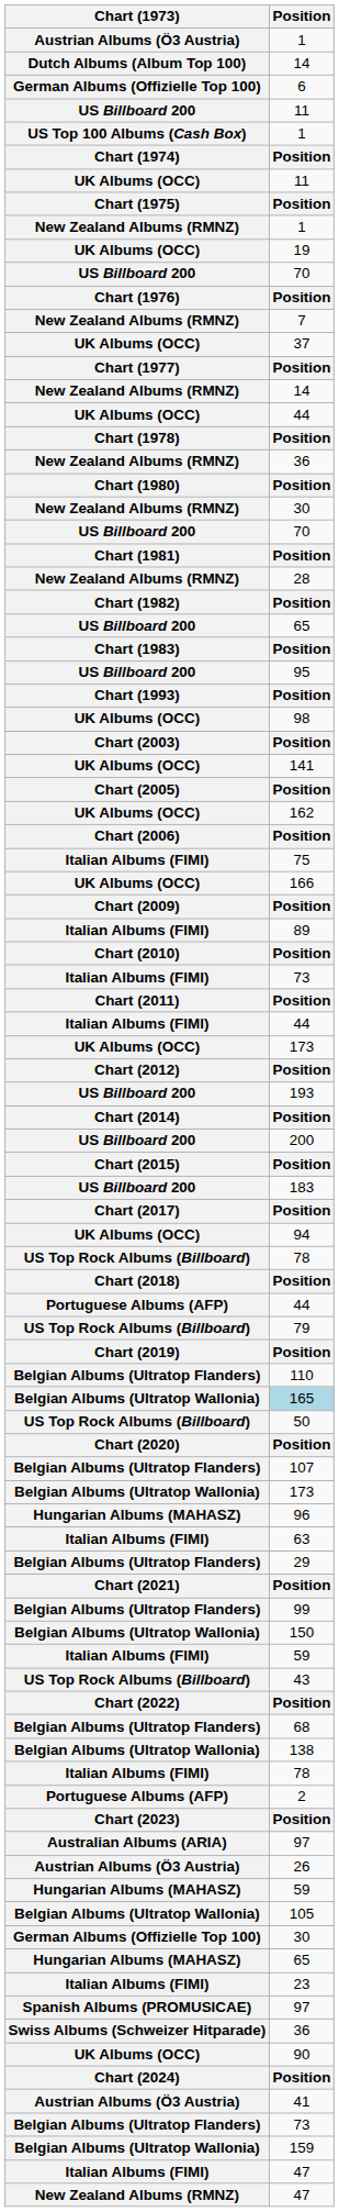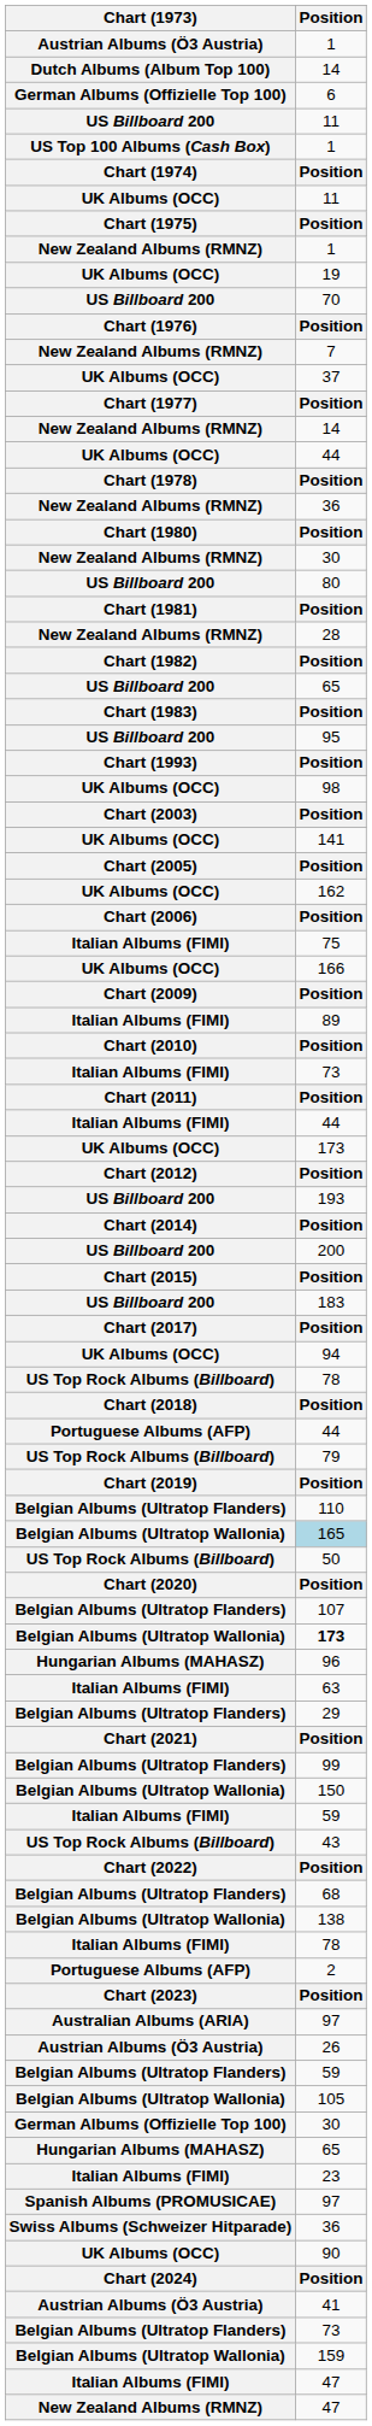 <table class="wikitable sortable plainrowheaders" style="text-align:center">
 <tr>
 <th>Chart (1973)</th>
 <th>Position</th>
 </tr>
 <tr>
 <th scope="row">Austrian Albums (Ö3 Austria)</th>
 <td style="text-align:center;">1</td>
 </tr>
 <tr>
 <th scope="row">Dutch Albums (Album Top 100)</th>
 <td style="text-align:center;">14</td>
 </tr>
 <tr>
 <th scope="row">German Albums (Offizielle Top 100)</th>
 <td style="text-align:center;">6</td>
 </tr>
 <tr>
 <th scope="row">US <em>Billboard</em> 200</th>
 <td style="text-align:center;">11</td>
 </tr>
 <tr>
 <th scope="row">US Top 100 Albums (<em>Cash Box</em>)</th>
 <td>1</td>
 </tr>
 <tr>
 <th>Chart (1974)</th>
 <th>Position</th>
 </tr>
 <tr>
 <th scope="row">UK Albums (OCC)</th>
 <td style="text-align:center;">11</td>
 </tr>
 <tr>
 <th>Chart (1975)</th>
 <th>Position</th>
 </tr>
 <tr>
 <th scope="row">New Zealand Albums (RMNZ)</th>
 <td style="text-align:center;">1</td>
 </tr>
 <tr>
 <th scope="row">UK Albums (OCC)</th>
 <td style="text-align:center;">19</td>
 </tr>
 <tr>
 <th scope="row">US <em>Billboard</em> 200</th>
 <td style="text-align:center;">70</td>
 </tr>
 <tr>
 <th scope="col">Chart (1976)</th>
 <th scope="col">Position</th>
 </tr>
 <tr>
 <th scope="row">New Zealand Albums (RMNZ)</th>
 <td style="text-align:center;">7</td>
 </tr>
 <tr>
 <th scope="row">UK Albums (OCC)</th>
 <td style="text-align:center;">37</td>
 </tr>
 <tr>
 <th scope="col">Chart (1977)</th>
 <th scope="col">Position</th>
 </tr>
 <tr>
 <th scope="row">New Zealand Albums (RMNZ)</th>
 <td style="text-align:center;">14</td>
 </tr>
 <tr>
 <th scope="row">UK Albums (OCC)</th>
 <td style="text-align:center;">44</td>
 </tr>
 <tr>
 <th scope="col">Chart (1978)</th>
 <th scope="col">Position</th>
 </tr>
 <tr>
 <th scope="row">New Zealand Albums (RMNZ)</th>
 <td style="text-align:center;">36</td>
 </tr>
 <tr>
 <th>Chart (1980)</th>
 <th>Position</th>
 </tr>
 <tr>
 <th scope="row">New Zealand Albums (RMNZ)</th>
 <td style="text-align:center;">30</td>
 </tr>
 <tr>
 <th scope="row">US <em>Billboard</em> 200</th>
-<td style="text-align:center;">70</td>
+<td style="text-align:center;">80</td>
 </tr>
 <tr>
 <th>Chart (1981)</th>
 <th>Position</th>
 </tr>
 <tr>
 <th scope="row">New Zealand Albums (RMNZ)</th>
 <td style="text-align:center;">28</td>
 </tr>
 <tr>
 <th>Chart (1982)</th>
 <th>Position</th>
 </tr>
 <tr>
 <th scope="row">US <em>Billboard</em> 200</th>
 <td style="text-align:center;">65</td>
 </tr>
 <tr>
 <th>Chart (1983)</th>
 <th>Position</th>
 </tr>
 <tr>
 <th scope="row">US <em>Billboard</em> 200</th>
 <td style="text-align:center;">95</td>
 </tr>
 <tr>
 <th>Chart (1993)</th>
 <th>Position</th>
 </tr>
 <tr>
 <th scope="row">UK Albums (OCC)</th>
 <td style="text-align:center;">98</td>
 </tr>
 <tr>
 <th>Chart (2003)</th>
 <th>Position</th>
 </tr>
 <tr>
 <th scope="row">UK Albums (OCC)</th>
 <td style="text-align:center;">141</td>
 </tr>
 <tr>
 <th>Chart (2005)</th>
 <th>Position</th>
 </tr>
 <tr>
 <th scope="row">UK Albums (OCC)</th>
 <td style="text-align:center;">162</td>
 </tr>
 <tr>
 <th>Chart (2006)</th>
 <th>Position</th>
 </tr>
 <tr>
 <th scope="row">Italian Albums (FIMI)</th>
 <td style="text-align:center;">75</td>
 </tr>
 <tr>
 <th scope="row">UK Albums (OCC)</th>
 <td style="text-align:center;">166</td>
 </tr>
 <tr>
 <th>Chart (2009)</th>
 <th>Position</th>
 </tr>
 <tr>
 <th scope="row">Italian Albums (FIMI)</th>
 <td style="text-align:center;">89</td>
 </tr>
 <tr>
 <th>Chart (2010)</th>
 <th>Position</th>
 </tr>
 <tr>
 <th scope="row">Italian Albums (FIMI)</th>
 <td style="text-align:center;">73</td>
 </tr>
 <tr>
 <th>Chart (2011)</th>
 <th>Position</th>
 </tr>
 <tr>
 <th scope="row">Italian Albums (FIMI)</th>
 <td style="text-align:center;">44</td>
 </tr>
 <tr>
 <th scope="row">UK Albums (OCC)</th>
 <td style="text-align:center;">173</td>
 </tr>
 <tr>
 <th>Chart (2012)</th>
 <th>Position</th>
 </tr>
 <tr>
 <th scope="row">US <em>Billboard</em> 200</th>
 <td style="text-align:center;">193</td>
 </tr>
 <tr>
 <th>Chart (2014)</th>
 <th>Position</th>
 </tr>
 <tr>
 <th scope="row">US <em>Billboard</em> 200</th>
 <td style="text-align:center;">200</td>
 </tr>
 <tr>
 <th>Chart (2015)</th>
 <th>Position</th>
 </tr>
 <tr>
 <th scope="row">US <em>Billboard</em> 200</th>
 <td style="text-align:center;">183</td>
 </tr>
 <tr>
 <th>Chart (2017)</th>
 <th>Position</th>
 </tr>
 <tr>
 <th scope="row">UK Albums (OCC)</th>
 <td style="text-align:center;">94</td>
 </tr>
 <tr>
 <th scope="row">US Top Rock Albums (<em>Billboard</em>)</th>
 <td style="text-align:center;">78</td>
 </tr>
 <tr>
 <th>Chart (2018)</th>
 <th>Position</th>
 </tr>
 <tr>
 <th scope="row">Portuguese Albums (AFP)</th>
 <td style="text-align:center;">44</td>
 </tr>
 <tr>
 <th scope="row">US Top Rock Albums (<em>Billboard</em>)</th>
 <td style="text-align:center;">79</td>
 </tr>
 <tr>
 <th>Chart (2019)</th>
 <th>Position</th>
 </tr>
 <tr>
 <th scope="row">Belgian Albums (Ultratop Flanders)</th>
 <td style="text-align:center;">110</td>
 </tr>
 <tr>
 <th scope="row">Belgian Albums (Ultratop Wallonia)</th>
 <td style="background: lightblue; text-align:center;">165</td>
 </tr>
 <tr>
 <th scope="row">US Top Rock Albums (<em>Billboard</em>)</th>
 <td style="text-align:center;">50</td>
 </tr>
 <tr>
 <th>Chart (2020)</th>
 <th>Position</th>
 </tr>
 <tr>
 <th scope="row">Belgian Albums (Ultratop Flanders)</th>
 <td style="text-align:center;">107</td>
 </tr>
 <tr>
 <th scope="row">Belgian Albums (Ultratop Wallonia)</th>
-<td style="text-align:center;">173</td>
+<td style="text-align:center;"><strong>173</strong></td>
 </tr>
 <tr>
 <th scope="row">Hungarian Albums (MAHASZ)</th>
 <td style="text-align:center;">96</td>
 </tr>
 <tr>
 <th scope="row">Italian Albums (FIMI)</th>
 <td style="text-align:center;">63</td>
 </tr>
 <tr>
 <th scope="row">Belgian Albums (Ultratop Flanders)</th>
 <td style="text-align:center;">29</td>
 </tr>
 <tr>
 <th>Chart (2021)</th>
 <th>Position</th>
 </tr>
 <tr>
 <th scope="row">Belgian Albums (Ultratop Flanders)</th>
 <td style="text-align:center;">99</td>
 </tr>
 <tr>
 <th scope="row">Belgian Albums (Ultratop Wallonia)</th>
 <td style="text-align:center;">150</td>
 </tr>
 <tr>
 <th scope="row">Italian Albums (FIMI)</th>
 <td style="text-align:center;">59</td>
 </tr>
 <tr>
 <th scope="row">US Top Rock Albums (<em>Billboard</em>)</th>
 <td style="text-align:center;">43</td>
 </tr>
 <tr>
 <th>Chart (2022)</th>
 <th>Position</th>
 </tr>
 <tr>
 <th scope="row">Belgian Albums (Ultratop Flanders)</th>
 <td style="text-align:center;">68</td>
 </tr>
 <tr>
 <th scope="row">Belgian Albums (Ultratop Wallonia)</th>
 <td style="text-align:center;">138</td>
 </tr>
 <tr>
 <th scope="row">Italian Albums (FIMI)</th>
 <td style="text-align:center;">78</td>
 </tr>
 <tr>
 <th scope="row">Portuguese Albums (AFP)</th>
 <td style="text-align:center;">2</td>
 </tr>
 <tr>
 <th>Chart (2023)</th>
 <th>Position</th>
 </tr>
 <tr>
 <th scope="row">Australian Albums (ARIA)</th>
 <td style="text-align:center;">97</td>
 </tr>
 <tr>
 <th scope="row">Austrian Albums (Ö3 Austria)</th>
 <td style="text-align:center;">26</td>
 </tr>
 <tr>
-<th scope="row">Hungarian Albums (MAHASZ)</th>
+<th scope="row">Belgian Albums (Ultratop Flanders)</th>
 <td style="text-align:center;">59</td>
 </tr>
 <tr>
 <th scope="row">Belgian Albums (Ultratop Wallonia)</th>
 <td style="text-align:center;">105</td>
 </tr>
 <tr>
 <th scope="row">German Albums (Offizielle Top 100)</th>
 <td style="text-align:center;">30</td>
 </tr>
 <tr>
 <th scope="row">Hungarian Albums (MAHASZ)</th>
 <td style="text-align:center;">65</td>
 </tr>
 <tr>
 <th scope="row">Italian Albums (FIMI)</th>
 <td style="text-align:center;">23</td>
 </tr>
 <tr>
 <th scope="row">Spanish Albums (PROMUSICAE)</th>
 <td style="text-align:center;">97</td>
 </tr>
 <tr>
 <th scope="row">Swiss Albums (Schweizer Hitparade)</th>
 <td style="text-align:center;">36</td>
 </tr>
 <tr>
 <th scope="row">UK Albums (OCC)</th>
 <td style="text-align:center;">90</td>
 </tr>
 <tr>
 <th>Chart (2024)</th>
 <th>Position</th>
 </tr>
 <tr>
 <th scope="row">Austrian Albums (Ö3 Austria)</th>
 <td>41</td>
 </tr>
 <tr>
 <th scope="row">Belgian Albums (Ultratop Flanders)</th>
 <td>73</td>
 </tr>
 <tr>
 <th scope="row">Belgian Albums (Ultratop Wallonia)</th>
 <td>159</td>
 </tr>
 <tr>
 <th scope="row">Italian Albums (FIMI)</th>
 <td>47</td>
 </tr>
 <tr>
 <th scope="row">New Zealand Albums (RMNZ)</th>
 <td style="text-align:center;">47</td>
 </tr>
 </table>
